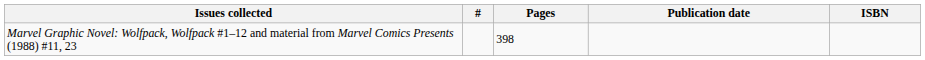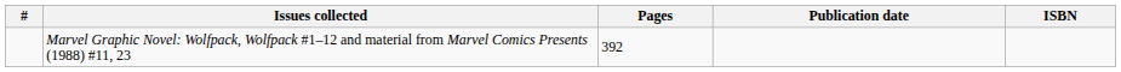 <table class="wikitable sortable" width=98%>
 <tr>
+<th class="unsortable">#</th>
 <th class="unsortable" width="50%">Issues collected</th>
-<th class="unsortable">#</th>
 <th>Pages</th>
 <th>Publication date</th>
 <th class="unsortable">ISBN</th>
 </tr>
 <tr>
+<td></td>
 <td><em>Marvel Graphic Novel: Wolfpack</em>, <em>Wolfpack</em> #1–12 and material from <em>Marvel Comics Presents</em> (1988) #11, 23</td>
-<td></td>
-<td>398</td>
+<td>392</td>
 <td></td>
 <td></td>
 </tr>
 </table>
